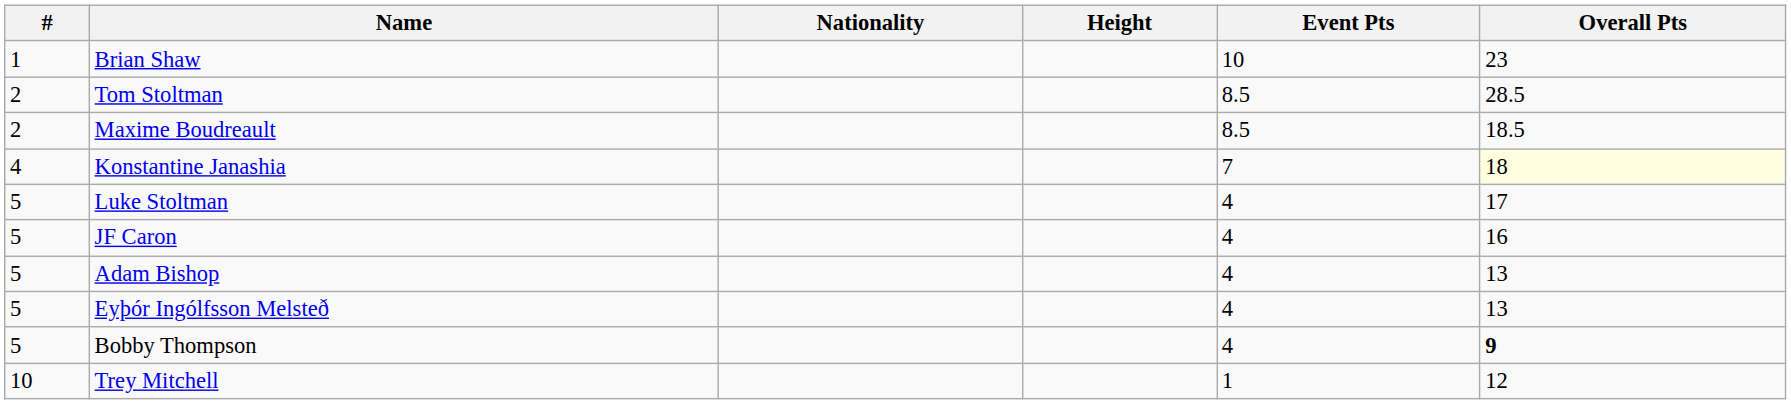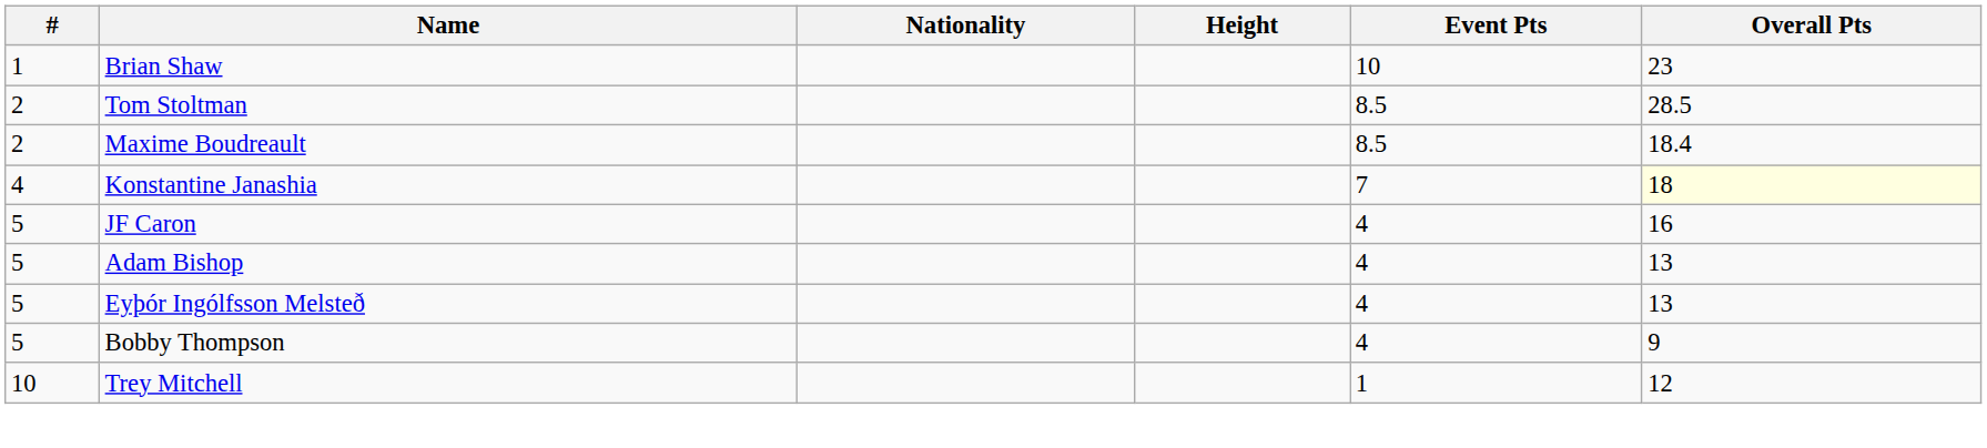 <table class="wikitable sortable" style="display: inline-table;width: 100%;">
 <tr>
 <th>#</th>
 <th>Name</th>
 <th>Nationality</th>
 <th>Height</th>
 <th>Event Pts</th>
 <th>Overall Pts</th>
 </tr>
 <tr>
 <td>1</td>
 <td><a href='#'>Brian Shaw</a></td>
 <td></td>
 <td></td>
 <td>10</td>
 <td>23</td>
 </tr>
 <tr>
 <td>2</td>
 <td><a href='#'>Tom Stoltman</a></td>
 <td></td>
 <td></td>
 <td>8.5</td>
 <td>28.5</td>
 </tr>
 <tr>
 <td>2</td>
 <td><a href='#'>Maxime Boudreault</a></td>
 <td></td>
 <td></td>
 <td>8.5</td>
-<td>18.5</td>
+<td>18.4</td>
 </tr>
 <tr>
 <td>4</td>
 <td><a href='#'>Konstantine Janashia</a></td>
 <td></td>
 <td></td>
 <td>7</td>
 <td style="background: lightyellow;">18</td>
-</tr>
-<tr>
-<td>5</td>
-<td><a href='#'>Luke Stoltman</a></td>
-<td></td>
-<td></td>
-<td>4</td>
-<td>17</td>
 </tr>
 <tr>
 <td>5</td>
 <td><a href='#'>JF Caron</a></td>
 <td></td>
 <td></td>
 <td>4</td>
 <td>16</td>
 </tr>
 <tr>
 <td>5</td>
 <td><a href='#'>Adam Bishop</a></td>
 <td></td>
 <td></td>
 <td>4</td>
 <td>13</td>
 </tr>
 <tr>
 <td>5</td>
 <td><a href='#'>Eyþór Ingólfsson Melsteð</a></td>
 <td></td>
 <td></td>
 <td>4</td>
 <td>13</td>
 </tr>
 <tr>
 <td>5</td>
 <td>Bobby Thompson</td>
 <td></td>
 <td></td>
 <td>4</td>
-<td><strong>9</strong></td>
+<td>9</td>
 </tr>
 <tr>
 <td>10</td>
 <td><a href='#'>Trey Mitchell</a></td>
 <td></td>
 <td></td>
 <td>1</td>
 <td>12</td>
 </tr>
 </table>
